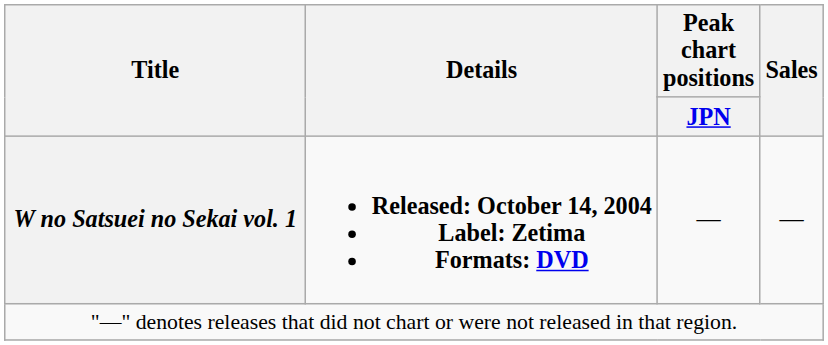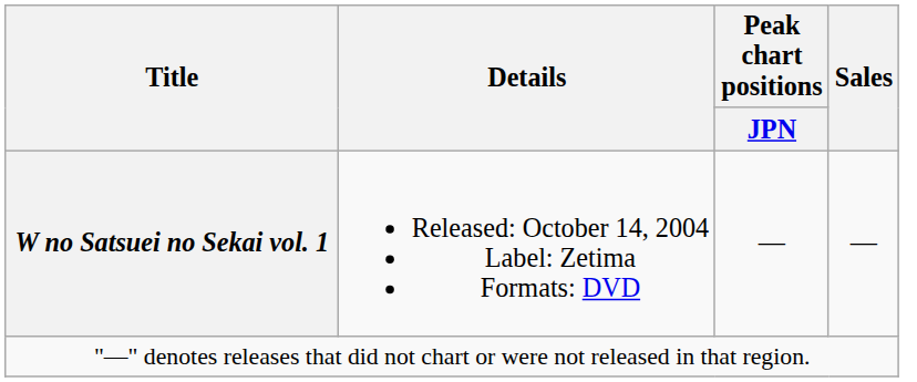 <table class="wikitable plainrowheaders" style="text-align:center;">
 <tr>
 <th rowspan="2" style="width:12em;">Title</th>
 <th rowspan="2">Details</th>
 <th colspan="1">Peak chart positions</th>
 <th rowspan="2">Sales</th>
 </tr>
 <tr>
 <th width="30"><a href='#'>JPN</a></th>
 </tr>
 <tr>
 <th scope="row"><em>W no Satsuei no Sekai vol. 1</em></th>
-<td><strong><br><ul><li>Released: October 14, 2004</li><li>Label: Zetima</li><li>Formats: <a href='#'>DVD</a></li></ul></strong></td>
+<td><br><ul><li>Released: October 14, 2004</li><li>Label: Zetima</li><li>Formats: <a href='#'>DVD</a></li></ul></td>
 <td>—</td>
 <td>—</td>
 </tr>
 <tr>
 <td colspan="4" style="font-size:90%;">"—" denotes releases that did not chart or were not released in that region.</td>
 </tr>
 </table>
